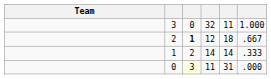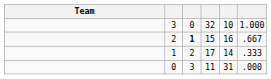 <table class=wikitable style="text-align:center;font-size:90%">
 <tr>
 <th width=220>Team</th>
 <th width=20></th>
 <th width=20></th>
 <th width=20></th>
 <th width=20></th>
 <th width=20></th>
 </tr>
 <tr>
 <td align=left></td>
 <td>3</td>
 <td>0</td>
 <td>32</td>
-<td>11</td>
+<td>10</td>
 <td>1.000</td>
 </tr>
 <tr>
 <td align=left></td>
 <td>2</td>
 <td><strong>1</strong></td>
-<td>12</td>
-<td>18</td>
+<td>15</td>
+<td>16</td>
 <td>.667</td>
 </tr>
 <tr>
 <td align=left></td>
 <td>1</td>
 <td>2</td>
-<td>14</td>
+<td>17</td>
 <td>14</td>
 <td>.333</td>
 </tr>
 <tr>
 <td align=left></td>
 <td>0</td>
-<td style="background: lightyellow;">3</td>
+<td>3</td>
 <td>11</td>
 <td>31</td>
 <td>.000</td>
 </tr>
 </table>
